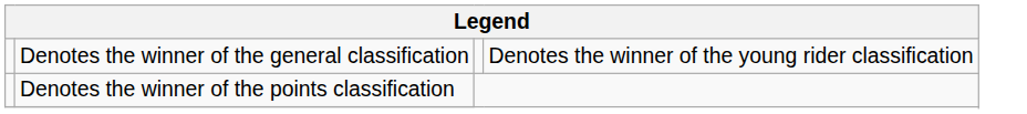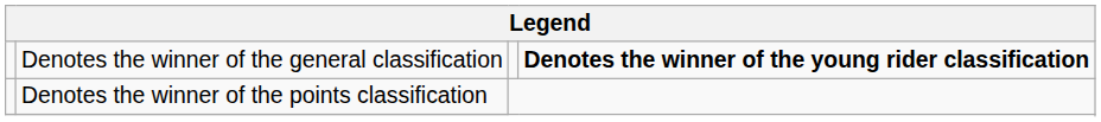 <table class="wikitable">
 <tr>
 <th colspan="4">Legend</th>
 </tr>
 <tr>
 <td></td>
 <td>Denotes the winner of the general classification</td>
 <td></td>
-<td>Denotes the winner of the young rider classification</td>
+<td><strong>Denotes the winner of the young rider classification</strong></td>
 </tr>
 <tr>
 <td></td>
 <td>Denotes the winner of the points classification</td>
 </tr>
 <tr>
 </tr>
 </table>
